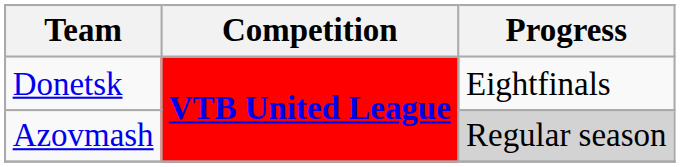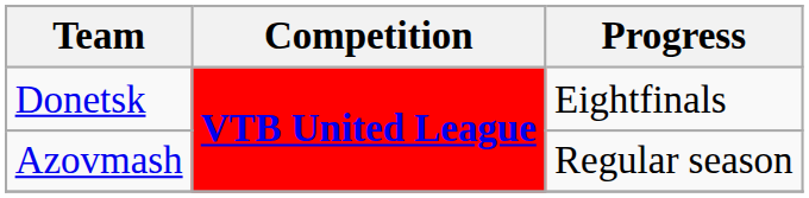 <table class="wikitable sortable">
 <tr>
 <th>Team</th>
 <th>Competition</th>
 <th>Progress</th>
 </tr>
 <tr>
 <td><a href='#'>Donetsk</a></td>
 <td rowspan="2" style="background-color:red;color:white;text-align:center"><strong><span><a href='#'>VTB United League</a></span></strong></td>
 <td>Eightfinals</td>
 </tr>
 <tr>
 <td><a href='#'>Azovmash</a></td>
-<td style="background: lightgrey;">Regular season</td>
+<td>Regular season</td>
 </tr>
 <tr>
 </tr>
 </table>
